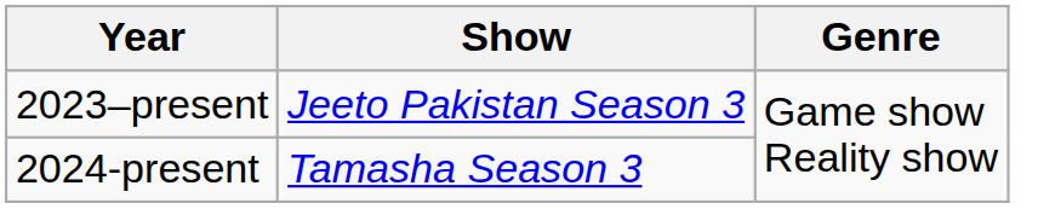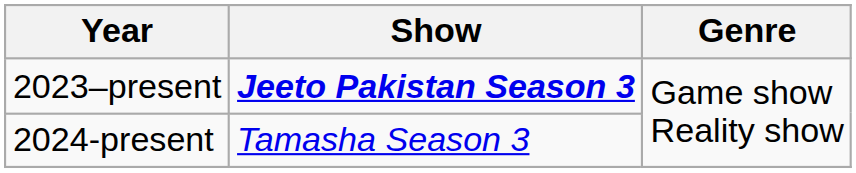 <table class="wikitable" !Year>
 <tr>
 <th>Year</th>
 <th>Show</th>
 <th>Genre</th>
 </tr>
 <tr>
 <td>2023–present</td>
-<td><em><a href='#'>Jeeto Pakistan Season 3</a></em></td>
+<td><strong><em><a href='#'>Jeeto Pakistan Season 3</a></em></strong></td>
 <td rowspan=2>Game show<br>Reality show<br></td>
 </tr>
 <tr>
 <td>2024-present</td>
 <td><em><a href='#'>Tamasha Season 3</a></em></td>
 </tr>
 </table>
